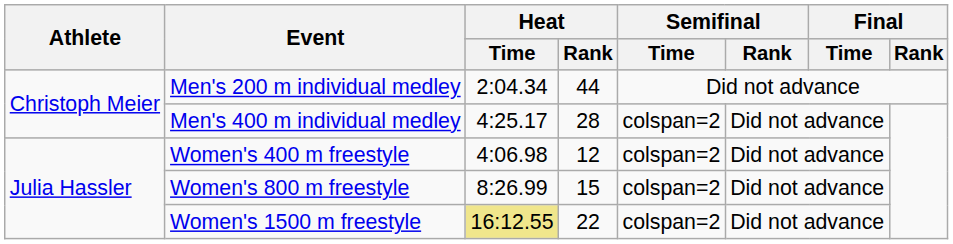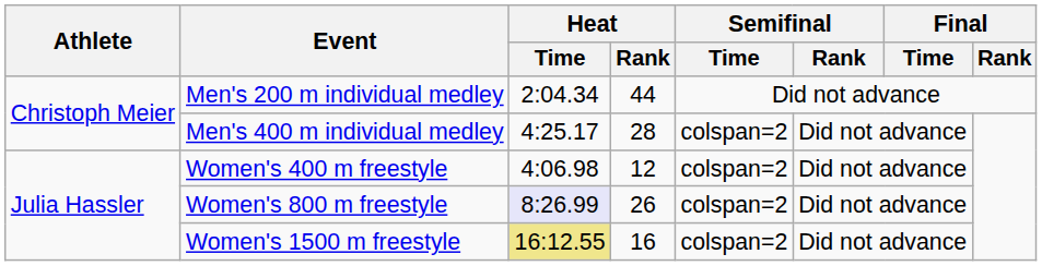 <table class=wikitable style="font-size:90%">
 <tr>
 <th rowspan="2">Athlete</th>
 <th rowspan="2">Event</th>
 <th colspan="2">Heat</th>
 <th colspan="2">Semifinal</th>
 <th colspan="2">Final</th>
 </tr>
 <tr style="font-size:95%">
 <th>Time</th>
 <th>Rank</th>
 <th>Time</th>
 <th>Rank</th>
 <th>Time</th>
 <th>Rank</th>
 </tr>
 <tr align=center>
 <td align=left rowspan=2><a href='#'>Christoph Meier</a></td>
 <td align=left><a href='#'>Men's 200 m individual medley</a></td>
 <td>2:04.34</td>
 <td>44</td>
 <td colspan="4">Did not advance</td>
 </tr>
 <tr align=center>
 <td align=left><a href='#'>Men's 400 m individual medley</a></td>
 <td>4:25.17</td>
 <td>28</td>
 <td>colspan=2 </td>
 <td colspan="2">Did not advance</td>
 </tr>
 <tr align=center>
 <td align=left rowspan=3><a href='#'>Julia Hassler</a></td>
 <td align=left><a href='#'>Women's 400 m freestyle</a></td>
 <td>4:06.98</td>
 <td>12</td>
 <td>colspan=2 </td>
 <td colspan="2">Did not advance</td>
 </tr>
 <tr align=center>
 <td align=left><a href='#'>Women's 800 m freestyle</a></td>
-<td>8:26.99</td>
-<td>15</td>
+<td style="background: lavender;">8:26.99</td>
+<td>26</td>
 <td>colspan=2 </td>
 <td colspan="2">Did not advance</td>
 </tr>
 <tr align=center>
 <td align=left><a href='#'>Women's 1500 m freestyle</a></td>
 <td style="background: khaki;">16:12.55</td>
-<td>22</td>
+<td>16</td>
 <td>colspan=2 </td>
 <td colspan="2">Did not advance</td>
 </tr>
 </table>
